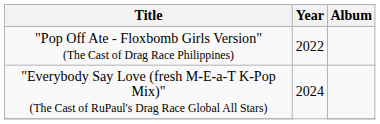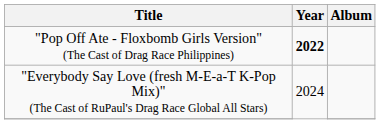 <table class="wikitable plainrowheaders" style="text-align:center;">
 <tr>
 <th style="width:20em;">Title</th>
 <th>Year</th>
 <th>Album</th>
 </tr>
 <tr>
 <td>"Pop Off Ate - Floxbomb Girls Version" <br><small>(The Cast of Drag Race Philippines)</small></td>
-<td rowspan="1">2022</td>
+<td rowspan="1"><strong>2022</strong></td>
 <td></td>
 </tr>
 <tr>
 <td>"Everybody Say Love (fresh M-E-a-T K-Pop Mix)" <br><small>(The Cast of RuPaul's Drag Race Global All Stars)</small></td>
 <td rowspan="2">2024</td>
 <td></td>
 </tr>
 <tr>
 </tr>
 </table>
